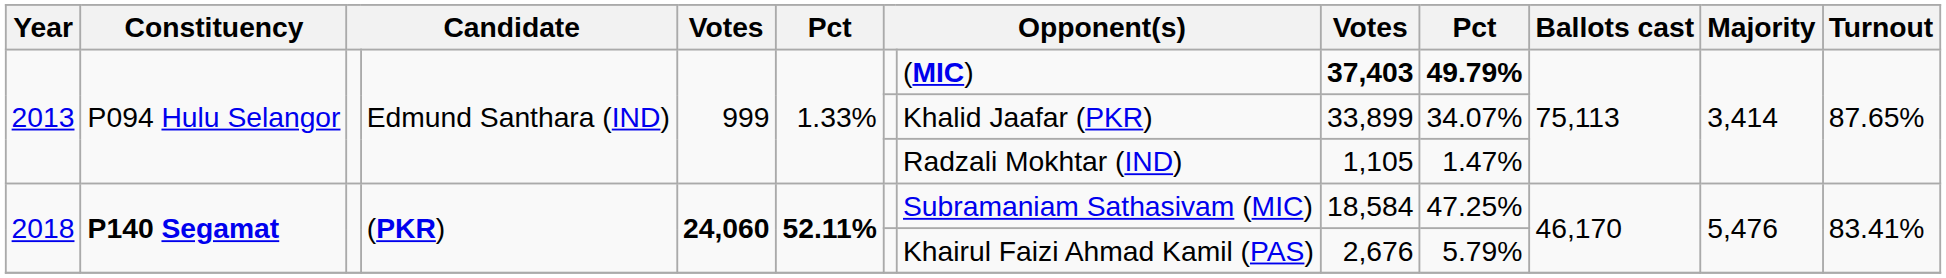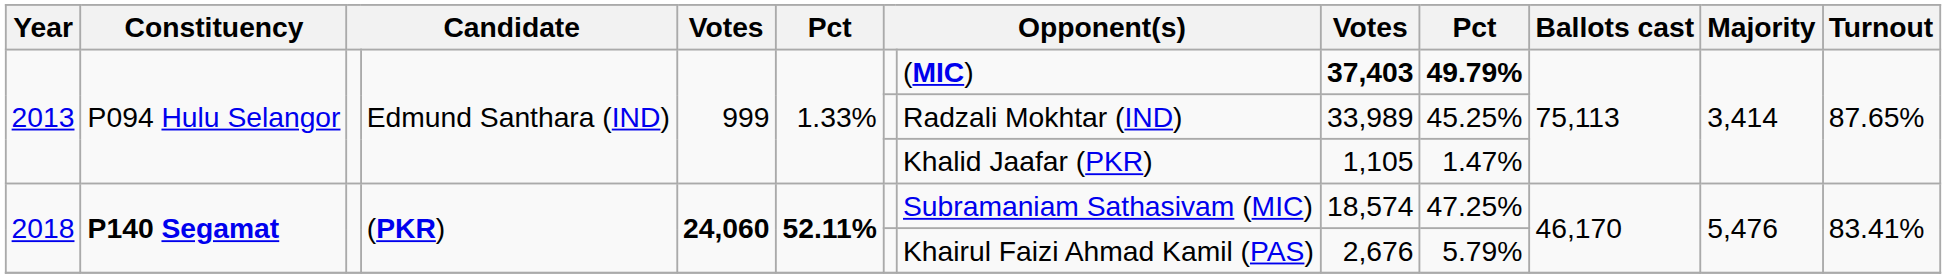 <table class="wikitable" style="margin:0.5em ; font-size:95%">
 <tr>
 <th>Year</th>
 <th>Constituency</th>
 <th colspan=2>Candidate</th>
 <th>Votes</th>
 <th>Pct</th>
 <th colspan=2>Opponent(s)</th>
 <th>Votes</th>
 <th>Pct</th>
 <th>Ballots cast</th>
 <th>Majority</th>
 <th>Turnout</th>
 </tr>
 <tr>
 <td rowspan=3><a href='#'>2013</a></td>
 <td rowspan=3>P094 <a href='#'>Hulu Selangor</a></td>
 <td rowspan=3  ></td>
 <td rowspan=3>Edmund Santhara (<a href='#'>IND</a>)</td>
 <td rowspan=3 align="right">999</td>
 <td rowspan=3 align="right">1.33%</td>
 <td></td>
 <td> (<a href='#'><strong>MIC</strong></a>)</td>
 <td align="right"><strong>37,403</strong></td>
 <td><strong>49.79%</strong></td>
 <td rowspan=3>75,113</td>
 <td rowspan=3>3,414</td>
 <td rowspan=3>87.65%</td>
 </tr>
 <tr>
 <td></td>
-<td>Khalid Jaafar (<a href='#'>PKR</a>)</td>
-<td align="right">33,899</td>
-<td>34.07%</td>
+<td>Radzali Mokhtar (<a href='#'>IND</a>)</td>
+<td align="right">33,989</td>
+<td>45.25%</td>
 </tr>
 <tr>
 <td></td>
-<td>Radzali Mokhtar (<a href='#'>IND</a>)</td>
+<td>Khalid Jaafar (<a href='#'>PKR</a>)</td>
 <td align="right">1,105</td>
 <td align="right">1.47%</td>
 </tr>
 <tr>
 <td rowspan=2><a href='#'>2018</a></td>
 <td rowspan=2><strong>P140 <a href='#'>Segamat</a></strong></td>
 <td rowspan=2  ></td>
 <td rowspan=2> (<a href='#'><strong>PKR</strong></a>)</td>
 <td rowspan=2 align="right"><strong>24,060</strong></td>
 <td rowspan=2><strong>52.11%</strong></td>
 <td></td>
 <td><a href='#'>Subramaniam Sathasivam</a> (<a href='#'>MIC</a>)</td>
-<td align="right">18,584</td>
+<td align="right">18,574</td>
 <td>47.25%</td>
 <td rowspan=2>46,170</td>
 <td rowspan=2>5,476</td>
 <td rowspan=2>83.41%</td>
 </tr>
 <tr>
 <td></td>
 <td>Khairul Faizi Ahmad Kamil (<a href='#'>PAS</a>)</td>
 <td align="right">2,676</td>
 <td align="right">5.79%</td>
 </tr>
 <tr>
 </tr>
 </table>
